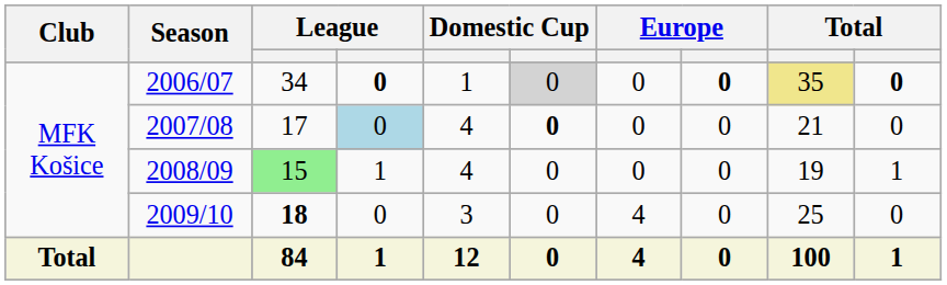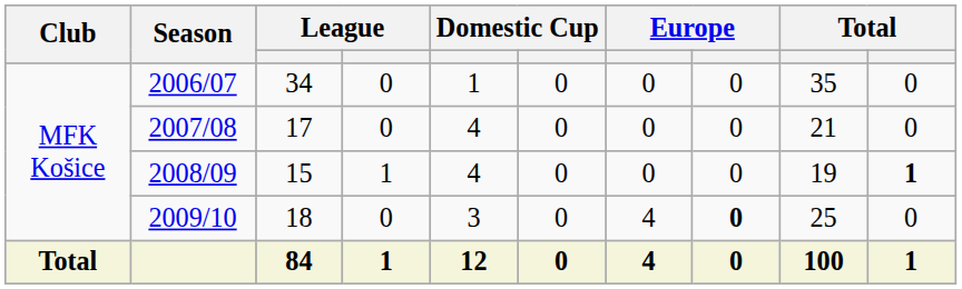 <table class="wikitable" align=center style="font-size:90%; text-align: center;">
 <tr>
 <th width=60 rowspan="2">Club</th>
 <th width=60 rowspan="2">Season</th>
 <th width=80 colspan="2">League</th>
 <th width=80 colspan="2">Domestic Cup</th>
 <th width=80 colspan="2"><a href='#'>Europe</a></th>
 <th width=80 colspan="2">Total</th>
 </tr>
 <tr align=center>
 <th width=40 App></th>
 <th width=40 abbr="Goals for"></th>
 <th width=40 App></th>
 <th width=40 abbr="Goals for"></th>
 <th width=40 App></th>
 <th width=40 abbr="Goals for"></th>
 <th width=40 App></th>
 <th width=40 abbr="Goals for"></th>
 </tr>
 <tr align=center>
 <td rowspan="4" valign=center><a href='#'>MFK Košice</a></td>
 <td><a href='#'>2006/07</a></td>
 <td>34</td>
-<td><strong>0</strong></td>
+<td>0</td>
 <td>1</td>
-<td style="background: lightgrey;">0</td>
 <td>0</td>
-<td><strong>0</strong></td>
-<td style="background: khaki;">35</td>
-<td><strong>0</strong></td>
+<td>0</td>
+<td>0</td>
+<td>35</td>
+<td>0</td>
 </tr>
 <tr align=center>
 <td><a href='#'>2007/08</a></td>
 <td>17</td>
-<td style="background: lightblue;">0</td>
+<td>0</td>
 <td>4</td>
-<td><strong>0</strong></td>
+<td>0</td>
 <td>0</td>
 <td>0</td>
 <td>21</td>
 <td>0</td>
 </tr>
 <tr align=center>
 <td><a href='#'>2008/09</a></td>
-<td style="background: lightgreen;">15</td>
+<td>15</td>
 <td>1</td>
 <td>4</td>
 <td>0</td>
 <td>0</td>
 <td>0</td>
 <td>19</td>
-<td>1</td>
+<td><strong>1</strong></td>
 </tr>
 <tr align=center>
 <td><a href='#'>2009/10</a></td>
-<td><strong>18</strong></td>
+<td>18</td>
 <td>0</td>
 <td>3</td>
 <td>0</td>
 <td>4</td>
-<td>0</td>
+<td><strong>0</strong></td>
 <td>25</td>
 <td>0</td>
 </tr>
 <tr align=center>
 <th align=left style="background:beige">Total</th>
 <th align=left style="background:beige"></th>
 <th align=left style="background:beige">84</th>
 <th align=left style="background:beige">1</th>
 <th align=left style="background:beige">12</th>
 <th align=left style="background:beige">0</th>
 <th align=left style="background:beige">4</th>
 <th align=left style="background:beige">0</th>
 <th align=left style="background:beige">100</th>
 <th align=left style="background:beige">1</th>
 </tr>
 </table>
